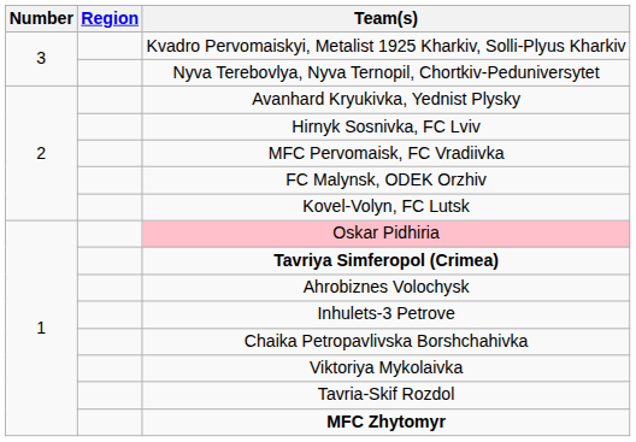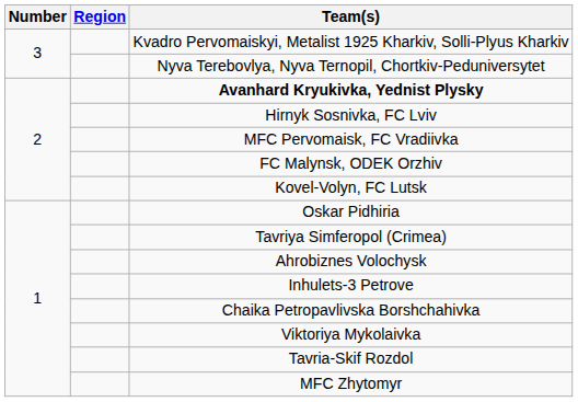 <table class="wikitable" style="text-align:center">
 <tr>
 <th>Number</th>
 <th><a href='#'>Region</a></th>
 <th>Team(s)</th>
 </tr>
 <tr>
 <td rowspan="2">3</td>
 <td align="left"></td>
 <td>Kvadro Pervomaiskyi, Metalist 1925 Kharkiv, Solli-Plyus Kharkiv</td>
 </tr>
 <tr>
 <td align="left"></td>
 <td>Nyva Terebovlya, Nyva Ternopil, Chortkiv-Peduniversytet</td>
 </tr>
 <tr>
 <td rowspan="5">2</td>
 <td align="left"></td>
-<td>Avanhard Kryukivka, Yednist Plysky</td>
+<td><strong>Avanhard Kryukivka, Yednist Plysky</strong></td>
 </tr>
 <tr>
 <td align="left"></td>
 <td>Hirnyk Sosnivka, FC Lviv</td>
 </tr>
 <tr>
 <td align="left"></td>
 <td>MFC Pervomaisk, FC Vradiivka</td>
 </tr>
 <tr>
 <td align="left"></td>
 <td>FC Malynsk, ODEK Orzhiv</td>
 </tr>
 <tr>
 <td align="left"></td>
 <td>Kovel-Volyn, FC Lutsk</td>
 </tr>
 <tr>
 <td rowspan="13">1</td>
 <td align="left"></td>
-<td style="background: pink;">Oskar Pidhiria</td>
+<td>Oskar Pidhiria</td>
 </tr>
 <tr>
 <td align="left"></td>
-<td><strong>Tavriya Simferopol (Crimea)</strong></td>
+<td>Tavriya Simferopol (Crimea)</td>
 </tr>
 <tr>
 <td align="left"></td>
 <td>Ahrobiznes Volochysk</td>
 </tr>
 <tr>
 <td align="left"></td>
 <td>Inhulets-3 Petrove</td>
 </tr>
 <tr>
 <td align="left"></td>
 <td>Chaika Petropavlivska Borshchahivka</td>
 </tr>
 <tr>
 <td align="left"></td>
 <td>Viktoriya Mykolaivka</td>
 </tr>
 <tr>
 <td align="left"></td>
 <td>Tavria-Skif Rozdol</td>
 </tr>
 <tr>
 <td align="left"></td>
-<td><strong>MFC Zhytomyr</strong></td>
+<td>MFC Zhytomyr</td>
 </tr>
 </table>
